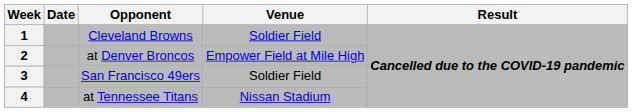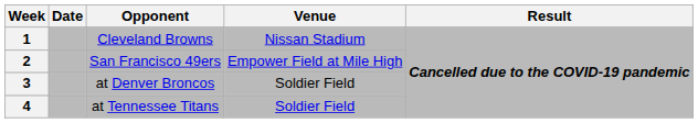 <table class="wikitable" style="text-align:center">
 <tr>
 <th>Week</th>
 <th>Date</th>
 <th>Opponent</th>
 <th>Venue</th>
 <th>Result</th>
 </tr>
 <tr style="background:#bababa">
 <th>1</th>
 <td></td>
 <td><a href='#'>Cleveland Browns</a></td>
-<td><a href='#'>Soldier Field</a></td>
+<td><a href='#'>Nissan Stadium</a></td>
 <td rowspan=4><strong><em>Cancelled due to the COVID-19 pandemic</em></strong></td>
 </tr>
 <tr style="background:#bababa">
 <th>2</th>
 <td></td>
-<td>at <a href='#'>Denver Broncos</a></td>
+<td><a href='#'>San Francisco 49ers</a></td>
 <td><a href='#'>Empower Field at Mile High</a></td>
 </tr>
 <tr style="background:#bababa">
 <th>3</th>
 <td></td>
-<td><a href='#'>San Francisco 49ers</a></td>
+<td>at <a href='#'>Denver Broncos</a></td>
 <td>Soldier Field</td>
 </tr>
 <tr style="background:#bababa">
 <th>4</th>
 <td></td>
 <td>at <a href='#'>Tennessee Titans</a></td>
-<td><a href='#'>Nissan Stadium</a></td>
+<td><a href='#'>Soldier Field</a></td>
 </tr>
 </table>
